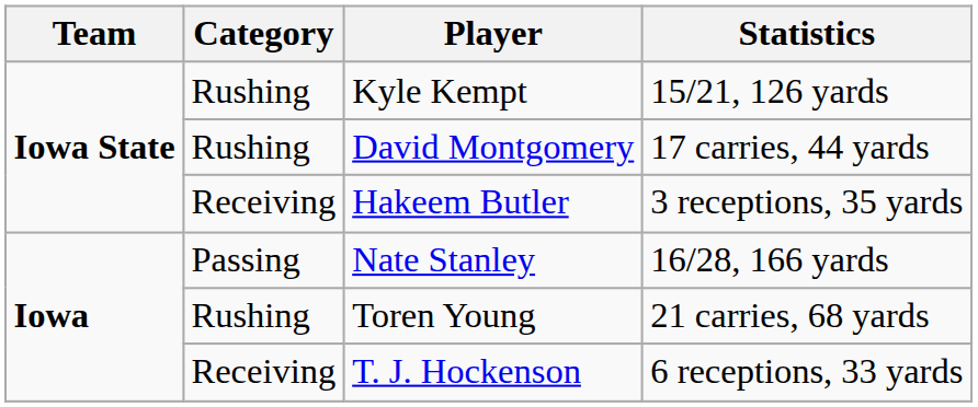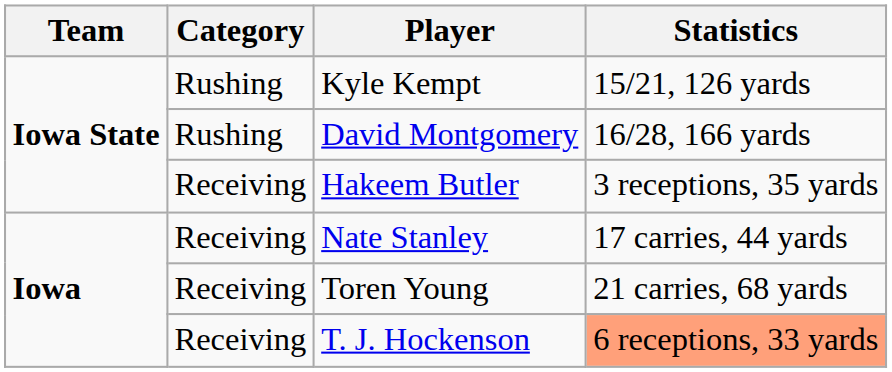 <table class="wikitable" style="float: left;">
 <tr>
 <th>Team</th>
 <th>Category</th>
 <th>Player</th>
 <th>Statistics</th>
 </tr>
 <tr>
 <td rowspan=3><strong>Iowa State</strong></td>
 <td>Rushing</td>
 <td>Kyle Kempt</td>
 <td>15/21, 126 yards</td>
 </tr>
 <tr>
 <td>Rushing</td>
 <td><a href='#'>David Montgomery</a></td>
-<td>17 carries, 44 yards</td>
+<td>16/28, 166 yards</td>
 </tr>
 <tr>
 <td>Receiving</td>
 <td><a href='#'>Hakeem Butler</a></td>
 <td>3 receptions, 35 yards</td>
 </tr>
 <tr>
 <td rowspan=3><strong>Iowa</strong></td>
-<td>Passing</td>
+<td>Receiving</td>
 <td><a href='#'>Nate Stanley</a></td>
-<td>16/28, 166 yards</td>
+<td>17 carries, 44 yards</td>
 </tr>
 <tr>
-<td>Rushing</td>
+<td>Receiving</td>
 <td>Toren Young</td>
 <td>21 carries, 68 yards</td>
 </tr>
 <tr>
 <td>Receiving</td>
 <td><a href='#'>T. J. Hockenson</a></td>
-<td>6 receptions, 33 yards</td>
+<td style="background: lightsalmon;">6 receptions, 33 yards</td>
 </tr>
 </table>
